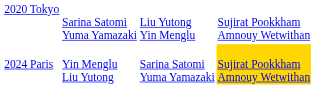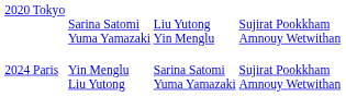 <table>
 <tr valign="top">
 <td><a href='#'>2020 Tokyo</a><br></td>
 <td><br><a href='#'>Sarina Satomi</a><br><a href='#'>Yuma Yamazaki</a></td>
 <td><br><a href='#'>Liu Yutong</a><br><a href='#'>Yin Menglu</a></td>
 <td><br><a href='#'>Sujirat Pookkham</a><br><a href='#'>Amnouy Wetwithan</a></td>
 </tr>
 <tr>
 <td><a href='#'>2024 Paris</a><br></td>
 <td><br><a href='#'>Yin Menglu</a><br><a href='#'>Liu Yutong</a></td>
 <td><br><a href='#'>Sarina Satomi</a><br><a href='#'>Yuma Yamazaki</a></td>
-<td style="background: gold;"><br><a href='#'>Sujirat Pookkham</a><br><a href='#'>Amnouy Wetwithan</a></td>
+<td><br><a href='#'>Sujirat Pookkham</a><br><a href='#'>Amnouy Wetwithan</a></td>
 </tr>
 </table>
